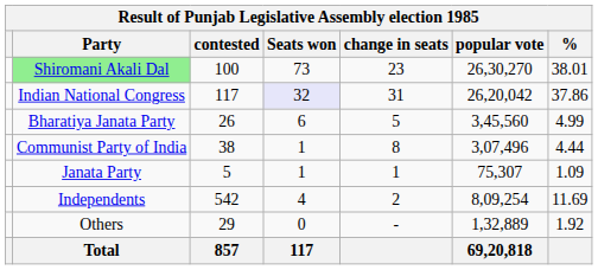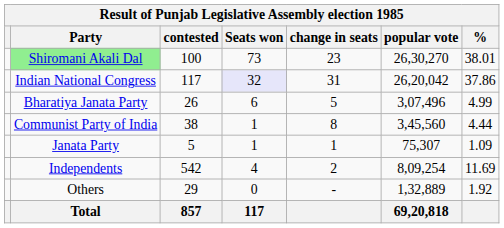 <table class="wikitable" style="text-align:center">
 <tr>
 <th colspan=7>Result of Punjab Legislative Assembly election 1985 </th>
 </tr>
 <tr>
 <th></th>
 <th>Party</th>
 <th>contested</th>
 <th>Seats won</th>
 <th>change in seats</th>
 <th>popular vote</th>
 <th>%</th>
 </tr>
 <tr>
 <td style="color:inherit;background:"></td>
 <td style="background:#90EE90;"><a href='#'>Shiromani Akali Dal</a></td>
 <td>100</td>
 <td>73</td>
 <td> 23</td>
 <td>26,30,270</td>
 <td>38.01</td>
 </tr>
 <tr>
 <td style="color:inherit;background:"></td>
 <td><a href='#'>Indian National Congress</a></td>
 <td>117</td>
 <td style="background: lavender;">32</td>
 <td> 31</td>
 <td>26,20,042</td>
 <td>37.86</td>
 </tr>
 <tr>
 <td style="color:inherit;background:"></td>
 <td><a href='#'>Bharatiya Janata Party</a></td>
 <td>26</td>
 <td>6</td>
 <td> 5</td>
-<td>3,45,560</td>
+<td>3,07,496</td>
 <td>4.99</td>
 </tr>
 <tr>
 <td style="color:inherit;background:"></td>
 <td><a href='#'>Communist Party of India</a></td>
 <td>38</td>
 <td>1</td>
 <td> 8</td>
-<td>3,07,496</td>
+<td>3,45,560</td>
 <td>4.44</td>
 </tr>
 <tr>
 <td style="color:inherit;background:"></td>
 <td><a href='#'>Janata Party</a></td>
 <td>5</td>
 <td>1</td>
 <td> 1</td>
 <td>75,307</td>
 <td>1.09</td>
 </tr>
 <tr>
 <td style="color:inherit;background:"></td>
 <td><a href='#'>Independents</a></td>
 <td>542</td>
 <td>4</td>
 <td> 2</td>
 <td>8,09,254</td>
 <td>11.69</td>
 </tr>
 <tr>
 <td></td>
 <td>Others</td>
 <td>29</td>
 <td>0</td>
 <td>-</td>
 <td>1,32,889</td>
 <td>1.92</td>
 </tr>
 <tr>
 <th></th>
 <th>Total</th>
 <th>857</th>
 <th>117</th>
 <th></th>
 <th>69,20,818</th>
 <th></th>
 </tr>
 </table>
